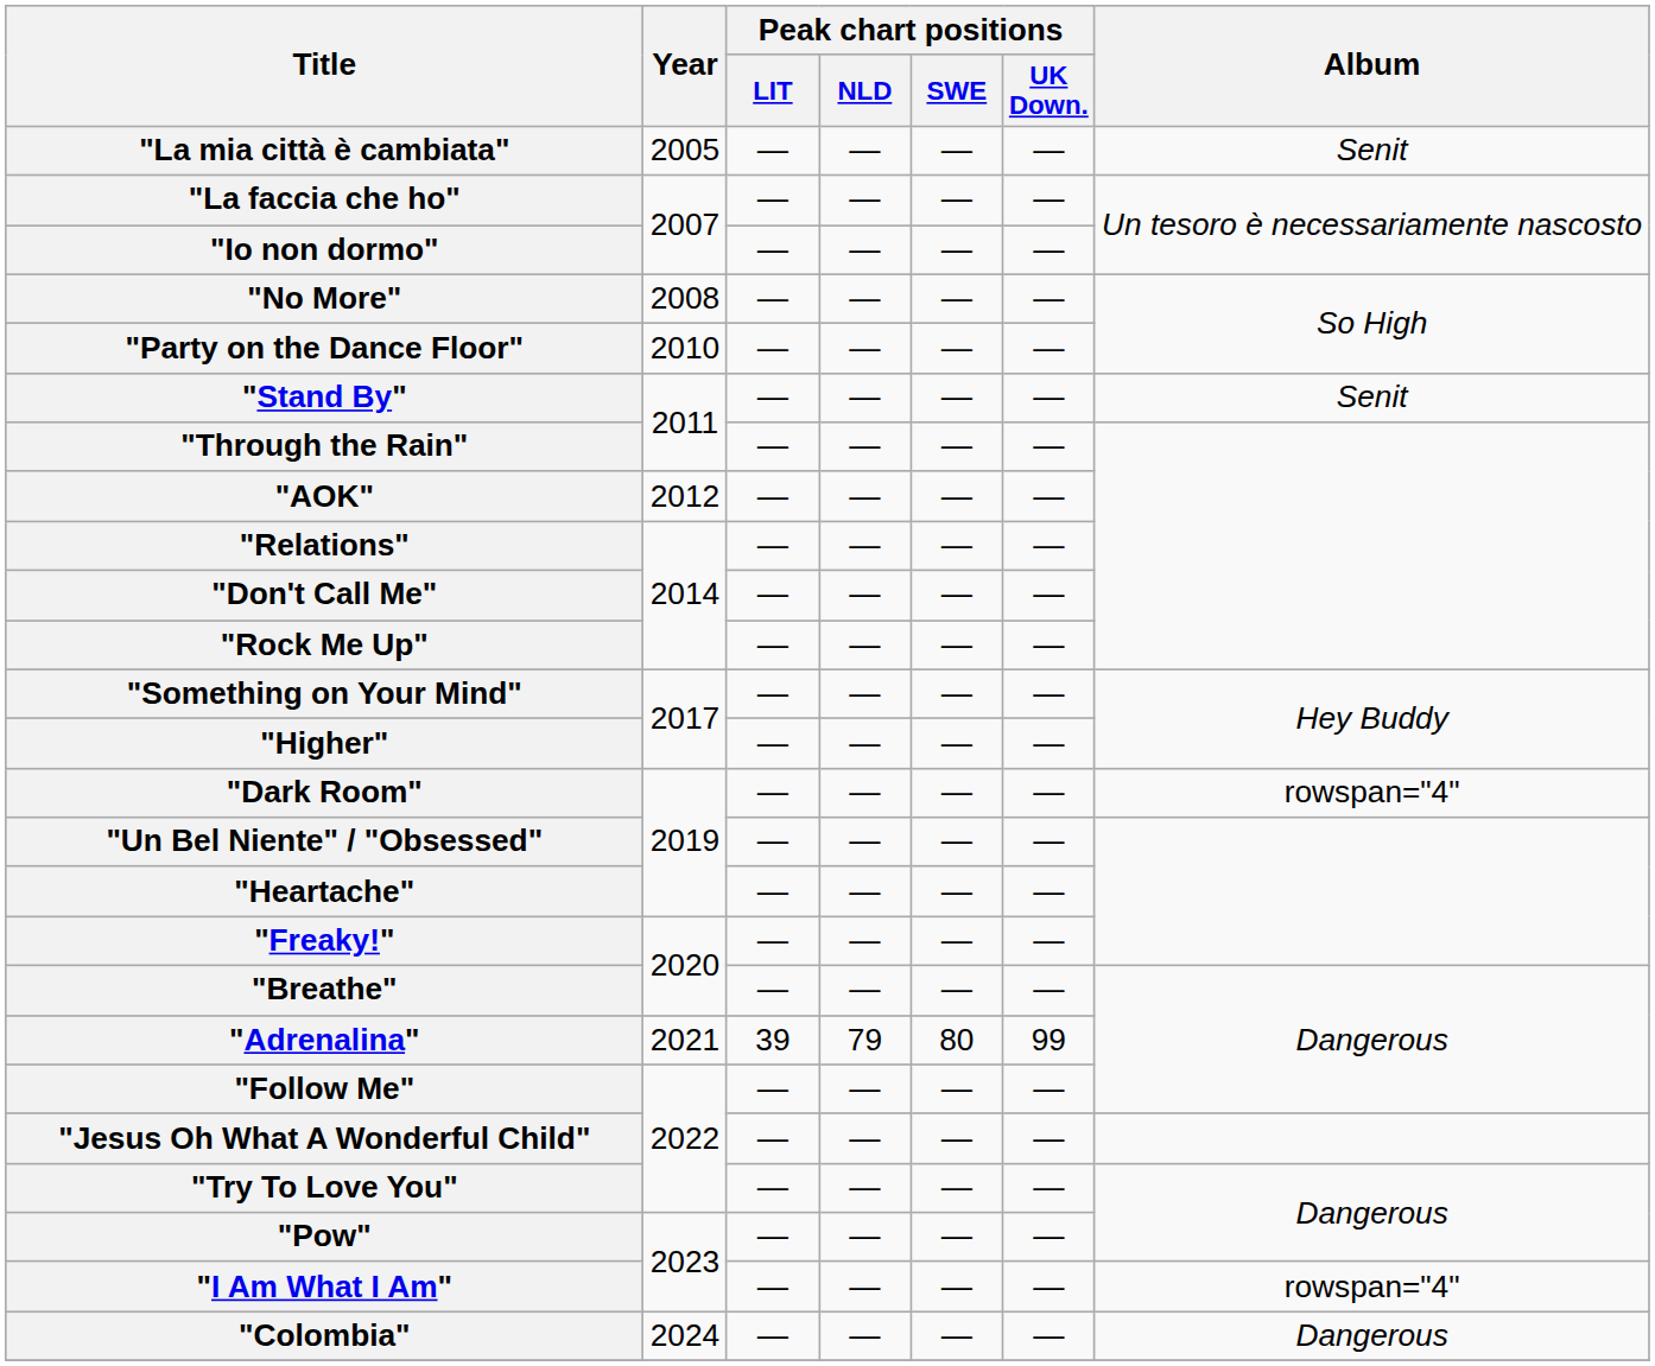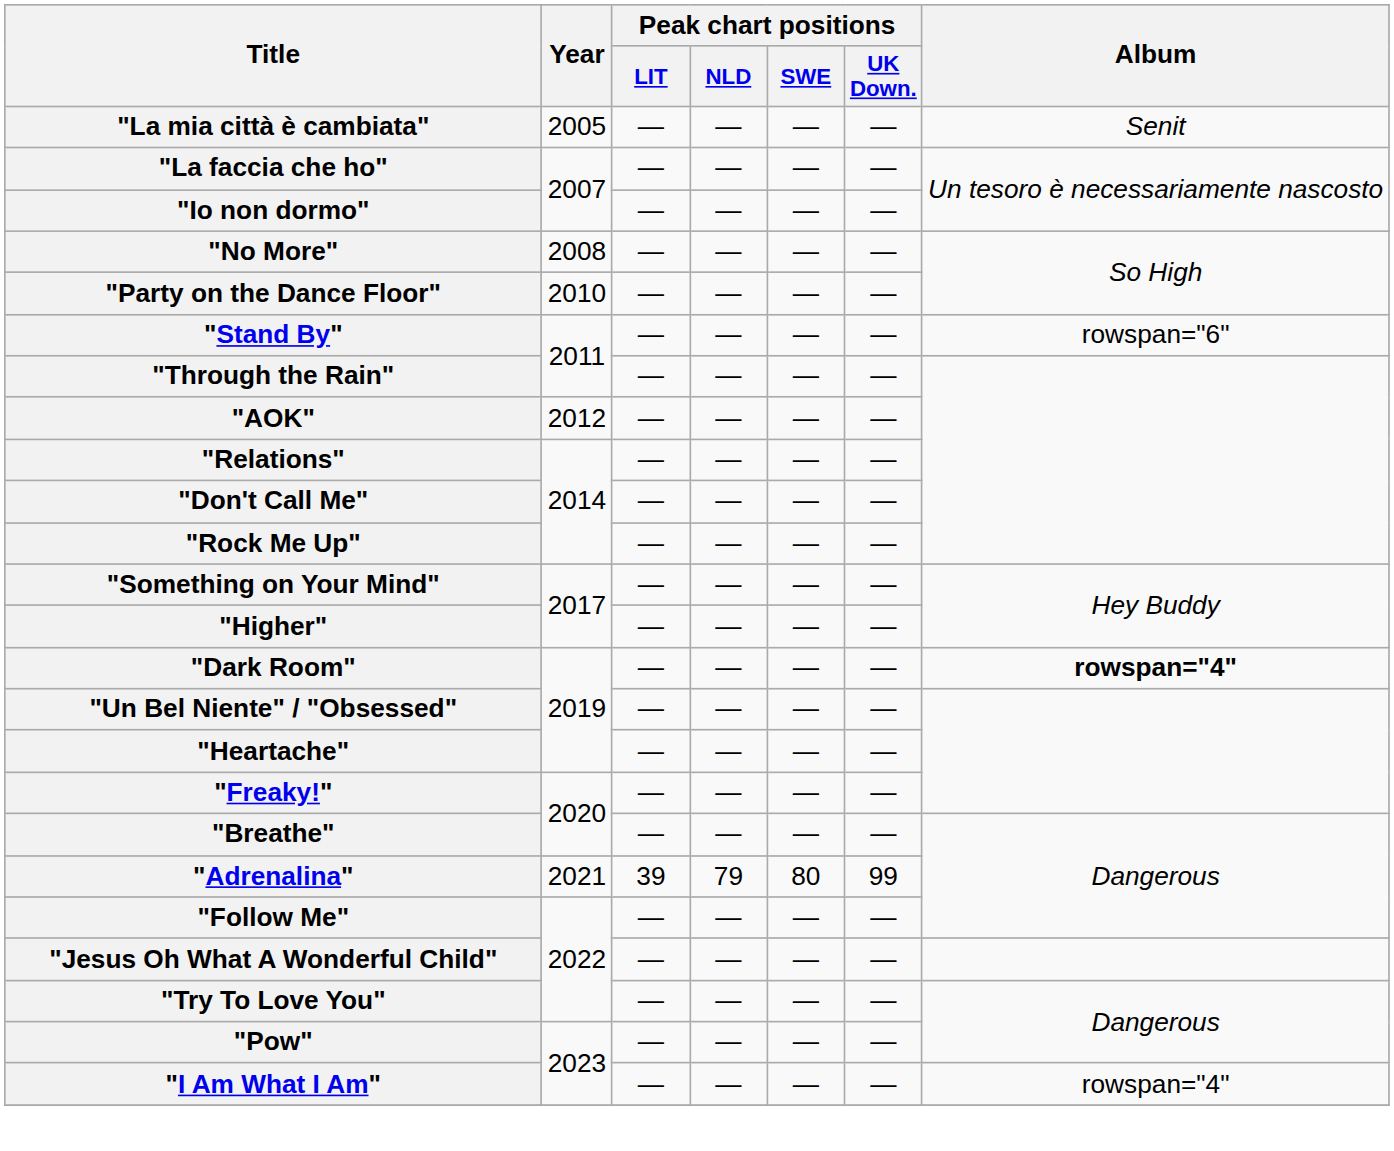 <table class="wikitable plainrowheaders" style="text-align:center;">
 <tr>
 <th scope="col" rowspan="2" style="width:20em;">Title</th>
 <th scope="col" rowspan="2" style="width:1em;">Year</th>
 <th colspan="4">Peak chart positions</th>
 <th scope="col" rowspan="2">Album</th>
 </tr>
 <tr>
 <th scope="col" style="width:3em;font-size:85%;"><a href='#'>LIT</a> <br></th>
 <th scope="col" style="width:3em;font-size:85%;"><a href='#'>NLD</a><br></th>
 <th scope="col" style="width:3em;font-size:85%;"><a href='#'>SWE</a><br></th>
 <th scope="col" style="width:3em;font-size:85%;"><a href='#'>UK<br>Down.</a><br></th>
 </tr>
 <tr>
 <th scope="row">"La mia città è cambiata"</th>
 <td>2005</td>
 <td>—</td>
 <td>—</td>
 <td>—</td>
 <td>—</td>
 <td><em>Senit</em></td>
 </tr>
 <tr>
 <th scope="row">"La faccia che ho"</th>
 <td rowspan="2">2007</td>
 <td>—</td>
 <td>—</td>
 <td>—</td>
 <td>—</td>
 <td rowspan="2"><em>Un tesoro è necessariamente nascosto</em></td>
 </tr>
 <tr>
 <th scope="row">"Io non dormo"</th>
 <td>—</td>
 <td>—</td>
 <td>—</td>
 <td>—</td>
 </tr>
 <tr>
 <th scope="row">"No More"</th>
 <td>2008</td>
 <td>—</td>
 <td>—</td>
 <td>—</td>
 <td>—</td>
 <td rowspan="2"><em>So High</em></td>
 </tr>
 <tr>
 <th scope="row">"Party on the Dance Floor"</th>
 <td>2010</td>
 <td>—</td>
 <td>—</td>
 <td>—</td>
 <td>—</td>
 </tr>
 <tr>
 <th scope="row">"<a href='#'>Stand By</a>"</th>
 <td rowspan="2">2011</td>
 <td>—</td>
 <td>—</td>
 <td>—</td>
 <td>—</td>
-<td><em>Senit</em></td>
+<td>rowspan="6" </td>
 </tr>
 <tr>
 <th scope="row">"Through the Rain"</th>
 <td>—</td>
 <td>—</td>
 <td>—</td>
 <td>—</td>
 </tr>
 <tr>
 <th scope="row">"AOK"</th>
 <td>2012</td>
 <td>—</td>
 <td>—</td>
 <td>—</td>
 <td>—</td>
 </tr>
 <tr>
 <th scope="row">"Relations"</th>
 <td rowspan="3">2014</td>
 <td>—</td>
 <td>—</td>
 <td>—</td>
 <td>—</td>
 </tr>
 <tr>
 <th scope="row">"Don't Call Me"</th>
 <td>—</td>
 <td>—</td>
 <td>—</td>
 <td>—</td>
 </tr>
 <tr>
 <th scope="row">"Rock Me Up"</th>
 <td>—</td>
 <td>—</td>
 <td>—</td>
 <td>—</td>
 </tr>
 <tr>
 <th scope="row">"Something on Your Mind"</th>
 <td rowspan="2">2017</td>
 <td>—</td>
 <td>—</td>
 <td>—</td>
 <td>—</td>
 <td rowspan="2"><em>Hey Buddy</em></td>
 </tr>
 <tr>
 <th scope="row">"Higher"</th>
 <td>—</td>
 <td>—</td>
 <td>—</td>
 <td>—</td>
 </tr>
 <tr>
 <th scope="row">"Dark Room"</th>
 <td rowspan="3">2019</td>
 <td>—</td>
 <td>—</td>
 <td>—</td>
 <td>—</td>
-<td>rowspan="4" </td>
+<td><strong>rowspan="4" </strong></td>
 </tr>
 <tr>
 <th scope="row">"Un Bel Niente" / "Obsessed"</th>
 <td>—</td>
 <td>—</td>
 <td>—</td>
 <td>—</td>
 </tr>
 <tr>
 <th scope="row">"Heartache"</th>
 <td>—</td>
 <td>—</td>
 <td>—</td>
 <td>—</td>
 </tr>
 <tr>
 <th scope="row">"<a href='#'>Freaky!</a>"</th>
 <td rowspan="2">2020</td>
 <td>—</td>
 <td>—</td>
 <td>—</td>
 <td>—</td>
 </tr>
 <tr>
 <th scope="row">"Breathe"</th>
 <td>—</td>
 <td>—</td>
 <td>—</td>
 <td>—</td>
 <td rowspan="3"><em>Dangerous</em></td>
 </tr>
 <tr>
 <th scope="row">"<a href='#'>Adrenalina</a>"<br></th>
 <td>2021</td>
 <td>39</td>
 <td>79</td>
 <td>80</td>
 <td>99</td>
 </tr>
 <tr>
 <th scope="row">"Follow Me"<br></th>
 <td rowspan="3">2022</td>
 <td>—</td>
 <td>—</td>
 <td>—</td>
 <td>—</td>
 </tr>
 <tr>
 <th scope="row">"Jesus Oh What A Wonderful Child"</th>
 <td>—</td>
 <td>—</td>
 <td>—</td>
 <td>—</td>
 <td></td>
 </tr>
 <tr>
 <th scope="row">"Try To Love You"</th>
 <td>—</td>
 <td>—</td>
 <td>—</td>
 <td>—</td>
 <td rowspan="2"><em>Dangerous</em></td>
 </tr>
 <tr>
 <th scope="row">"Pow"</th>
 <td rowspan="2">2023</td>
 <td>—</td>
 <td>—</td>
 <td>—</td>
 <td>—</td>
 </tr>
 <tr>
 <th scope="row">"<a href='#'>I Am What I Am</a>"</th>
 <td>—</td>
 <td>—</td>
 <td>—</td>
 <td>—</td>
 <td>rowspan="4" </td>
 </tr>
 <tr>
-<th scope="row">"Colombia"</th>
-<td rowspan="1">2024</td>
-<td>—</td>
-<td>—</td>
-<td>—</td>
-<td>—</td>
-<td rowspan="1"><em>Dangerous</em></td>
-</tr>
-<tr>
 </tr>
 </table>
